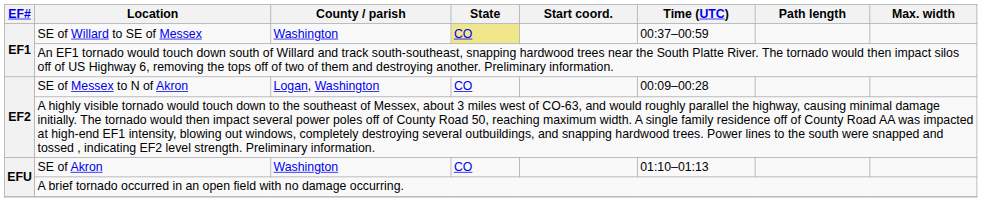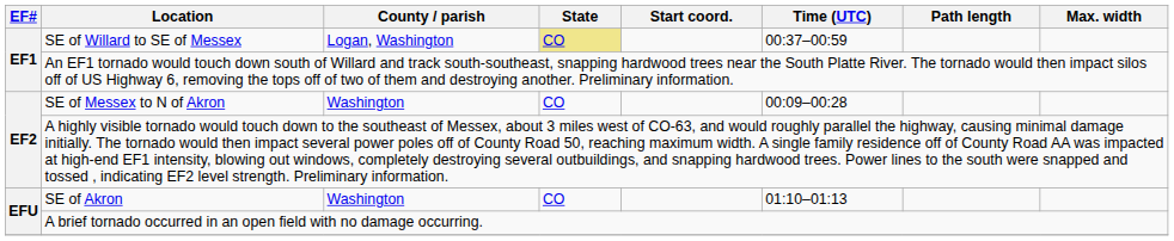 <table class="wikitable sortable" style="width:100%;">
 <tr>
 <th scope="col" width="2%" align="center"><a href='#'>EF#</a></th>
 <th scope="col" align="center" class="unsortable">Location</th>
 <th scope="col" align="center" class="unsortable">County / parish</th>
 <th scope="col" align="center">State</th>
 <th scope="col" align="center">Start coord.</th>
 <th scope="col" align="center">Time (<a href='#'>UTC</a>)</th>
 <th scope="col" align="center">Path length</th>
 <th scope="col" align="center">Max. width</th>
 </tr>
 <tr>
 <th scope="row" rowspan="2" style="background-color:#">EF1</th>
 <td>SE of <a href='#'>Willard</a> to SE of <a href='#'>Messex</a></td>
-<td><a href='#'>Washington</a></td>
+<td><a href='#'>Logan</a>, <a href='#'>Washington</a></td>
 <td style="background: khaki;"><a href='#'>CO</a></td>
 <td></td>
 <td>00:37–00:59</td>
 <td></td>
 <td></td>
 </tr>
 <tr class="expand-child">
 <td colspan="8" border-bottom: 1px solid black;>An EF1 tornado would touch down south of Willard and track south-southeast, snapping hardwood trees near the South Platte River. The tornado would then impact silos off of US Highway 6, removing the tops off of two of them and destroying another. Preliminary information.</td>
 </tr>
 <tr>
 <th scope="row" rowspan="2" style="background-color:#">EF2</th>
 <td>SE of <a href='#'>Messex</a> to N of <a href='#'>Akron</a></td>
-<td><a href='#'>Logan</a>, <a href='#'>Washington</a></td>
+<td><a href='#'>Washington</a></td>
 <td><a href='#'>CO</a></td>
 <td></td>
 <td>00:09–00:28</td>
 <td></td>
 <td></td>
 </tr>
 <tr class="expand-child">
 <td colspan="8" border-bottom: 1px solid black;>A highly visible tornado would touch down to the southeast of Messex, about 3 miles west of CO-63, and would roughly parallel the highway, causing minimal damage initially. The tornado would then impact several power poles off of County Road 50, reaching maximum width. A single family residence off of County Road AA was impacted at high-end EF1 intensity, blowing out windows, completely destroying several outbuildings, and snapping hardwood trees. Power lines to the south were snapped and tossed , indicating EF2 level strength. Preliminary information.</td>
 </tr>
 <tr>
 <th scope="row" rowspan="2" style="background-color:#">EFU</th>
 <td>SE of <a href='#'>Akron</a></td>
 <td><a href='#'>Washington</a></td>
 <td><a href='#'>CO</a></td>
 <td></td>
 <td>01:10–01:13</td>
 <td></td>
 <td></td>
 </tr>
 <tr class="expand-child">
 <td colspan="8" border-bottom: 1px solid black;>A brief tornado occurred in an open field with no damage occurring.</td>
 </tr>
 <tr>
 </tr>
 </table>
